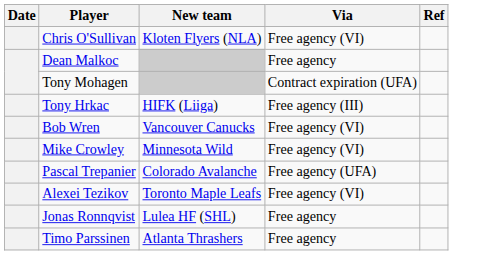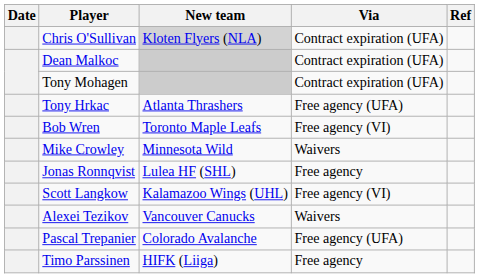 <table class="wikitable plainrowheaders">
 <tr style="background:#ddd; text-align:center;">
 <th>Date</th>
 <th>Player</th>
 <th>New team</th>
 <th>Via</th>
 <th>Ref</th>
 </tr>
 <tr>
 <th scope="row"></th>
 <td><a href='#'>Chris O'Sullivan</a></td>
-<td><a href='#'>Kloten Flyers</a> (<a href='#'>NLA</a>)</td>
-<td>Free agency (VI)</td>
+<td style="background: lightgrey;"><a href='#'>Kloten Flyers</a> (<a href='#'>NLA</a>)</td>
+<td>Contract expiration (UFA)</td>
 <td></td>
 </tr>
 <tr>
 <th scope="row" rowspan=2></th>
 <td><a href='#'>Dean Malkoc</a></td>
 <td style="background:#ccc"></td>
-<td>Free agency</td>
+<td>Contract expiration (UFA)</td>
 <td></td>
 </tr>
 <tr>
 <td>Tony Mohagen</td>
 <td style="background:#ccc"></td>
 <td>Contract expiration (UFA)</td>
 <td></td>
 </tr>
 <tr>
 <th scope="row"></th>
 <td><a href='#'>Tony Hrkac</a></td>
-<td><a href='#'>HIFK</a> (<a href='#'>Liiga</a>)</td>
-<td>Free agency (III)</td>
+<td><a href='#'>Atlanta Thrashers</a></td>
+<td>Free agency (UFA)</td>
 <td></td>
 </tr>
 <tr>
 <th scope="row"></th>
 <td><a href='#'>Bob Wren</a></td>
-<td><a href='#'>Vancouver Canucks</a></td>
+<td><a href='#'>Toronto Maple Leafs</a></td>
 <td>Free agency (VI)</td>
 <td></td>
 </tr>
 <tr>
 <th scope="row"></th>
 <td><a href='#'>Mike Crowley</a></td>
 <td><a href='#'>Minnesota Wild</a></td>
+<td>Waivers</td>
+<td></td>
+</tr>
+<tr>
+<th scope="row"></th>
+<td><a href='#'>Jonas Ronnqvist</a></td>
+<td><a href='#'>Lulea HF</a> (<a href='#'>SHL</a>)</td>
+<td>Free agency</td>
+<td></td>
+</tr>
+<tr>
+<th scope="row"></th>
+<td><a href='#'>Scott Langkow</a></td>
+<td><a href='#'>Kalamazoo Wings</a> (<a href='#'>UHL</a>)</td>
 <td>Free agency (VI)</td>
+<td></td>
+</tr>
+<tr>
+<th scope="row"></th>
+<td><a href='#'>Alexei Tezikov</a></td>
+<td><a href='#'>Vancouver Canucks</a></td>
+<td>Waivers</td>
 <td></td>
 </tr>
 <tr>
 <th scope="row"></th>
 <td><a href='#'>Pascal Trepanier</a></td>
 <td><a href='#'>Colorado Avalanche</a></td>
 <td>Free agency (UFA)</td>
 <td></td>
 </tr>
 <tr>
 <th scope="row"></th>
-<td><a href='#'>Alexei Tezikov</a></td>
-<td><a href='#'>Toronto Maple Leafs</a></td>
-<td>Free agency (VI)</td>
-<td></td>
-</tr>
-<tr>
-<th scope="row"></th>
-<td><a href='#'>Jonas Ronnqvist</a></td>
-<td><a href='#'>Lulea HF</a> (<a href='#'>SHL</a>)</td>
-<td>Free agency</td>
-<td></td>
-</tr>
-<tr>
-<th scope="row"></th>
 <td><a href='#'>Timo Parssinen</a></td>
-<td><a href='#'>Atlanta Thrashers</a></td>
+<td><a href='#'>HIFK</a> (<a href='#'>Liiga</a>)</td>
 <td>Free agency</td>
 <td></td>
 </tr>
 </table>
